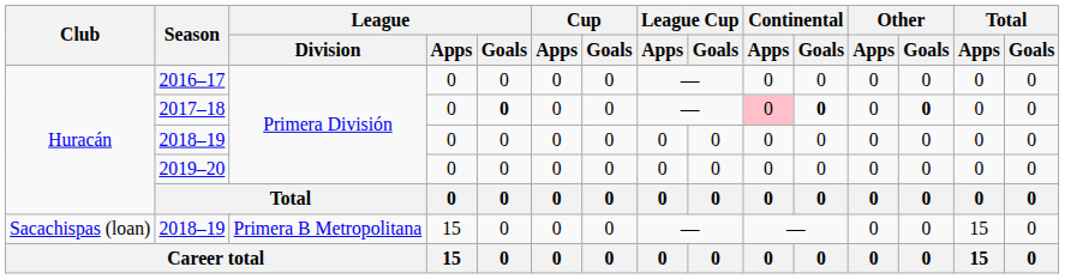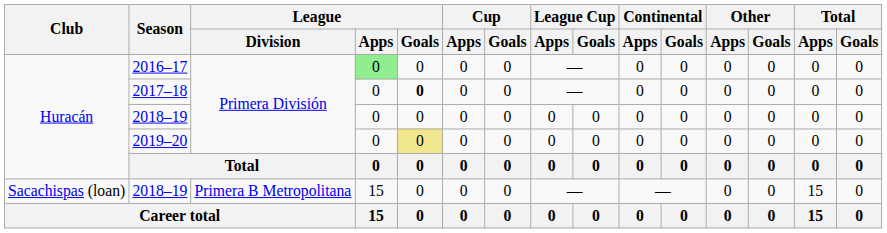 <table class="wikitable" style="text-align:center">
 <tr>
 <th rowspan="2">Club</th>
 <th rowspan="2">Season</th>
 <th colspan="3">League</th>
 <th colspan="2">Cup</th>
 <th colspan="2">League Cup</th>
 <th colspan="2">Continental</th>
 <th colspan="2">Other</th>
 <th colspan="2">Total</th>
 </tr>
 <tr>
 <th>Division</th>
 <th>Apps</th>
 <th>Goals</th>
 <th>Apps</th>
 <th>Goals</th>
 <th>Apps</th>
 <th>Goals</th>
 <th>Apps</th>
 <th>Goals</th>
 <th>Apps</th>
 <th>Goals</th>
 <th>Apps</th>
 <th>Goals</th>
 </tr>
 <tr>
 <td rowspan="5"><a href='#'>Huracán</a></td>
 <td><a href='#'>2016–17</a></td>
 <td rowspan="4"><a href='#'>Primera División</a></td>
-<td>0</td>
+<td style="background: lightgreen;">0</td>
 <td>0</td>
 <td>0</td>
 <td>0</td>
 <td colspan="2">—</td>
 <td>0</td>
 <td>0</td>
 <td>0</td>
 <td>0</td>
 <td>0</td>
 <td>0</td>
 </tr>
 <tr>
 <td><a href='#'>2017–18</a></td>
 <td>0</td>
 <td><strong>0</strong></td>
 <td>0</td>
 <td>0</td>
 <td colspan="2">—</td>
-<td style="background: pink;">0</td>
-<td><strong>0</strong></td>
 <td>0</td>
-<td><strong>0</strong></td>
+<td>0</td>
+<td>0</td>
+<td>0</td>
 <td>0</td>
 <td>0</td>
 </tr>
 <tr>
 <td><a href='#'>2018–19</a></td>
 <td>0</td>
 <td>0</td>
 <td>0</td>
 <td>0</td>
 <td>0</td>
 <td>0</td>
 <td>0</td>
 <td>0</td>
 <td>0</td>
 <td>0</td>
 <td>0</td>
 <td>0</td>
 </tr>
 <tr>
 <td><a href='#'>2019–20</a></td>
 <td>0</td>
-<td>0</td>
+<td style="background: khaki;">0</td>
 <td>0</td>
 <td>0</td>
 <td>0</td>
 <td>0</td>
 <td>0</td>
 <td>0</td>
 <td>0</td>
 <td>0</td>
 <td>0</td>
 <td>0</td>
 </tr>
 <tr>
 <th colspan="2">Total</th>
 <th>0</th>
 <th>0</th>
 <th>0</th>
 <th>0</th>
 <th>0</th>
 <th>0</th>
 <th>0</th>
 <th>0</th>
 <th>0</th>
 <th>0</th>
 <th>0</th>
 <th>0</th>
 </tr>
 <tr>
 <td rowspan="1"><a href='#'>Sacachispas</a> (loan)</td>
 <td><a href='#'>2018–19</a></td>
 <td rowspan="1"><a href='#'>Primera B Metropolitana</a></td>
 <td>15</td>
 <td>0</td>
 <td>0</td>
 <td>0</td>
 <td colspan="2">—</td>
 <td colspan="2">—</td>
 <td>0</td>
 <td>0</td>
 <td>15</td>
 <td>0</td>
 </tr>
 <tr>
 <th colspan="3">Career total</th>
 <th>15</th>
 <th>0</th>
 <th>0</th>
 <th>0</th>
 <th>0</th>
 <th>0</th>
 <th>0</th>
 <th>0</th>
 <th>0</th>
 <th>0</th>
 <th>15</th>
 <th>0</th>
 </tr>
 </table>
